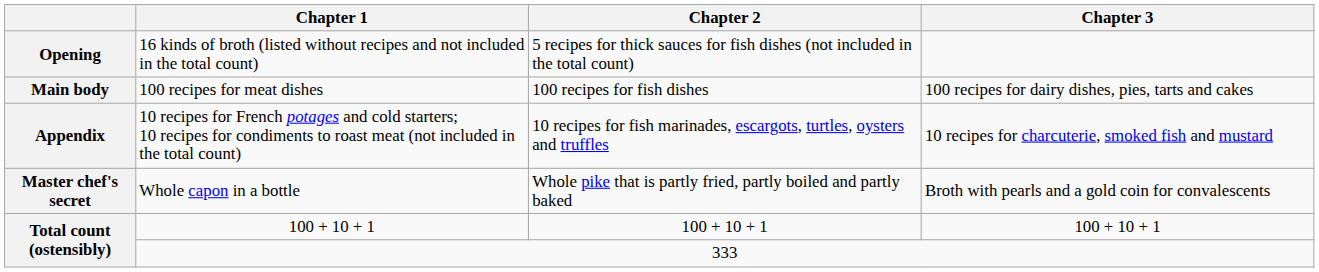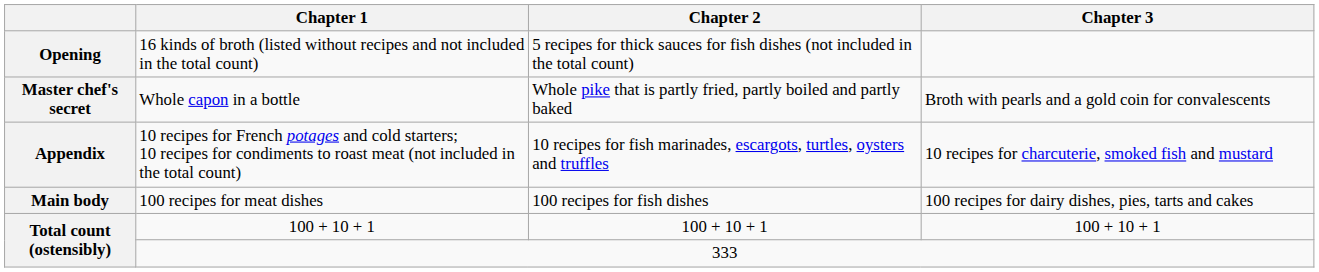 <table class="wikitable">
 <tr>
 <th></th>
 <th width=30%>Chapter 1</th>
 <th width=30%>Chapter 2</th>
 <th width=30%>Chapter 3</th>
 </tr>
 <tr>
 <th>Opening</th>
 <td>16 kinds of broth (listed without recipes and not included in the total count)</td>
 <td>5 recipes for thick sauces for fish dishes (not included in the total count)</td>
 <td></td>
 </tr>
 <tr>
-<th>Main body</th>
-<td>100 recipes for meat dishes</td>
-<td>100 recipes for fish dishes</td>
-<td>100 recipes for dairy dishes, pies, tarts and cakes</td>
+<th>Master chef's secret</th>
+<td>Whole <a href='#'>capon</a> in a bottle</td>
+<td>Whole <a href='#'>pike</a> that is partly fried, partly boiled and partly baked</td>
+<td>Broth with pearls and a gold coin for convalescents</td>
 </tr>
 <tr>
 <th>Appendix</th>
 <td>10 recipes for French <em><a href='#'>potages</a></em> and cold starters;<br>10 recipes for condiments to roast meat (not included in the total count)</td>
 <td>10 recipes for fish marinades, <a href='#'>escargots</a>, <a href='#'>turtles</a>, <a href='#'>oysters</a> and <a href='#'>truffles</a></td>
 <td>10 recipes for <a href='#'>charcuterie</a>, <a href='#'>smoked fish</a> and <a href='#'>mustard</a></td>
 </tr>
 <tr>
-<th>Master chef's secret</th>
-<td>Whole <a href='#'>capon</a> in a bottle</td>
-<td>Whole <a href='#'>pike</a> that is partly fried, partly boiled and partly baked</td>
-<td>Broth with pearls and a gold coin for convalescents</td>
+<th>Main body</th>
+<td>100 recipes for meat dishes</td>
+<td>100 recipes for fish dishes</td>
+<td>100 recipes for dairy dishes, pies, tarts and cakes</td>
 </tr>
 <tr>
 <th rowspan=2>Total count (ostensibly)</th>
 <td align=center>100 + 10 + 1</td>
 <td align=center>100 + 10 + 1</td>
 <td align=center>100 + 10 + 1</td>
 </tr>
 <tr>
 <td colspan=3 align=center>333</td>
 </tr>
 </table>
